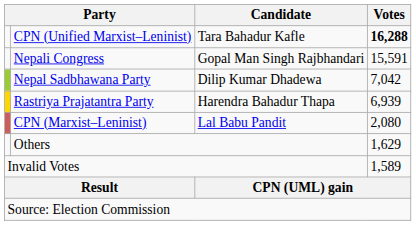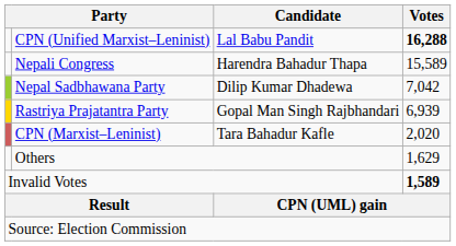 <table class="wikitable">
 <tr>
 <th colspan="2">Party</th>
 <th>Candidate</th>
 <th>Votes</th>
 </tr>
 <tr>
 <td style="background-color:"></td>
 <td><a href='#'>CPN (Unified Marxist–Leninist)</a></td>
-<td>Tara Bahadur  Kafle</td>
+<td><a href='#'>Lal Babu Pandit</a></td>
 <td><strong>16,288</strong></td>
 </tr>
 <tr>
 <td style="background-color:"></td>
 <td><a href='#'>Nepali Congress</a></td>
-<td>Gopal Man Singh Rajbhandari</td>
-<td>15,591</td>
+<td>Harendra  Bahadur Thapa</td>
+<td>15,589</td>
 </tr>
 <tr>
 <td style="background-color:yellowgreen"></td>
 <td><a href='#'>Nepal Sadbhawana Party</a></td>
 <td>Dilip Kumar Dhadewa</td>
 <td>7,042</td>
 </tr>
 <tr>
 <td style="background-color:gold"></td>
 <td><a href='#'>Rastriya Prajatantra Party</a></td>
-<td>Harendra  Bahadur Thapa</td>
+<td>Gopal Man Singh Rajbhandari</td>
 <td>6,939</td>
 </tr>
 <tr>
 <td style="background-color:indianred"></td>
 <td><a href='#'>CPN (Marxist–Leninist)</a></td>
-<td><a href='#'>Lal Babu Pandit</a></td>
-<td>2,080</td>
+<td>Tara Bahadur  Kafle</td>
+<td>2,020</td>
 </tr>
 <tr>
 <td></td>
 <td colspan="2">Others</td>
 <td>1,629</td>
 </tr>
 <tr>
 <td colspan="3">Invalid Votes</td>
-<td>1,589</td>
+<td><strong>1,589</strong></td>
 </tr>
 <tr>
 <th colspan="2">Result</th>
 <th colspan="2">CPN (UML) gain</th>
 </tr>
 <tr>
 <td colspan="4">Source: Election Commission</td>
 </tr>
 </table>
